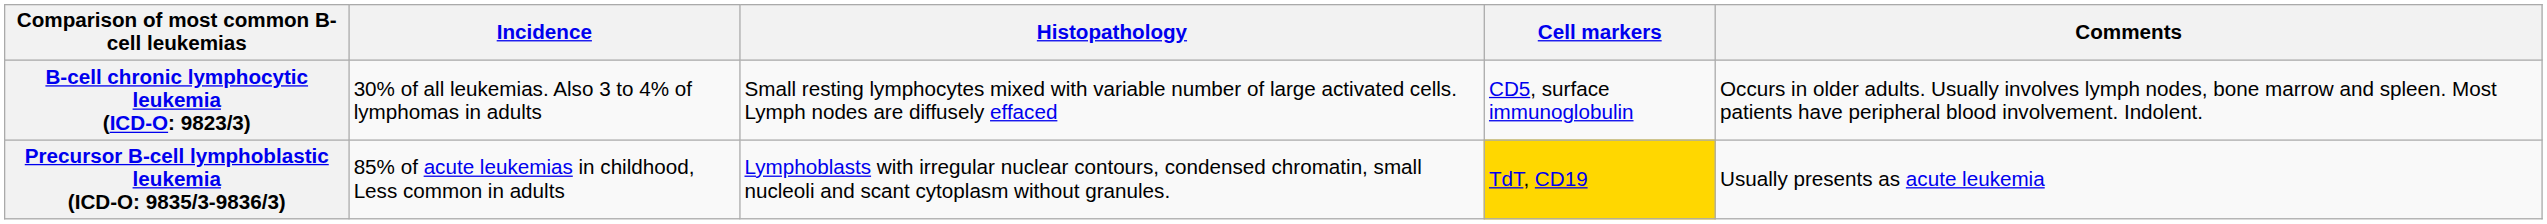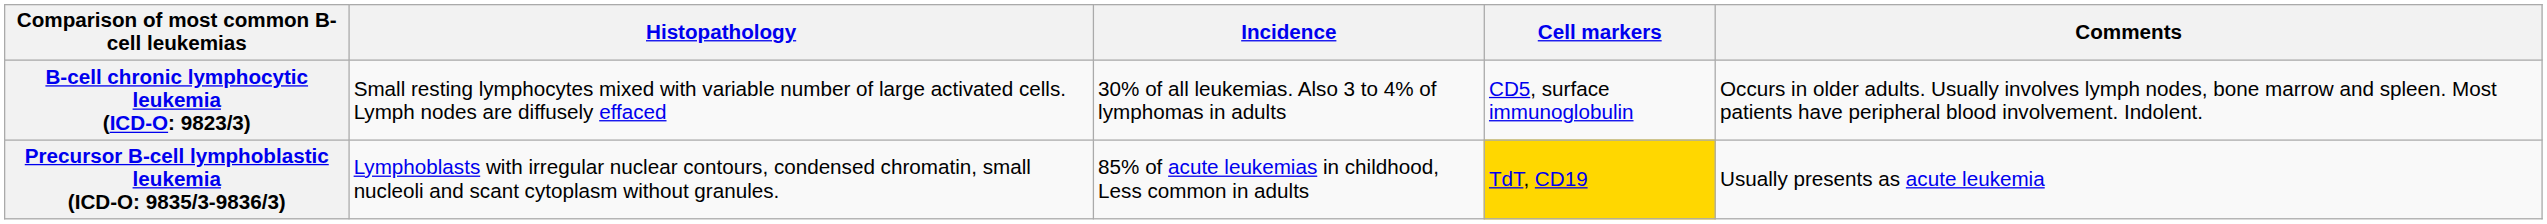 <table class="wikitable">
 <tr>
 <th>Comparison of most common B-cell leukemias</th>
+<th><a href='#'>Histopathology</a></th>
 <th><a href='#'>Incidence</a></th>
-<th><a href='#'>Histopathology</a></th>
 <th><a href='#'>Cell markers</a></th>
 <th>Comments</th>
 </tr>
 <tr>
 <th><a href='#'>B-cell chronic lymphocytic leukemia</a> <br> (<a href='#'>ICD-O</a>: 9823/3)</th>
+<td>Small resting lymphocytes mixed with variable number of large activated cells. Lymph nodes are diffusely <a href='#'>effaced</a></td>
 <td>30% of all leukemias. Also 3 to 4% of lymphomas in adults</td>
-<td>Small resting lymphocytes mixed with variable number of large activated cells. Lymph nodes are diffusely <a href='#'>effaced</a></td>
 <td><a href='#'>CD5</a>, surface <a href='#'>immunoglobulin</a></td>
 <td>Occurs in older adults. Usually involves lymph nodes, bone marrow and spleen. Most patients have peripheral blood involvement. Indolent.</td>
 </tr>
 <tr>
 <th><a href='#'>Precursor B-cell lymphoblastic leukemia</a> <br> (ICD-O: 9835/3-9836/3)</th>
+<td><a href='#'>Lymphoblasts</a> with irregular nuclear contours, condensed chromatin, small nucleoli and scant cytoplasm without granules.</td>
 <td>85% of <a href='#'>acute leukemias</a> in childhood, Less common in adults</td>
-<td><a href='#'>Lymphoblasts</a> with irregular nuclear contours, condensed chromatin, small nucleoli and scant cytoplasm without granules.</td>
 <td style="background: gold;"><a href='#'>TdT</a>, <a href='#'>CD19</a></td>
 <td>Usually presents as <a href='#'>acute leukemia</a></td>
 </tr>
 </table>
